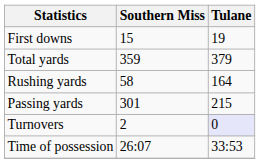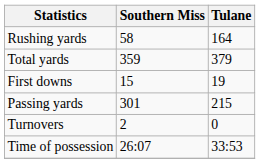 <table class="wikitable" style="float: left;">
 <tr>
 <th>Statistics</th>
 <th>Southern Miss</th>
 <th>Tulane</th>
 </tr>
 <tr>
-<td>First downs</td>
-<td>15</td>
-<td>19</td>
+<td>Rushing yards</td>
+<td>58</td>
+<td>164</td>
 </tr>
 <tr>
 <td>Total yards</td>
 <td>359</td>
 <td>379</td>
 </tr>
 <tr>
-<td>Rushing yards</td>
-<td>58</td>
-<td>164</td>
+<td>First downs</td>
+<td>15</td>
+<td>19</td>
 </tr>
 <tr>
 <td>Passing yards</td>
 <td>301</td>
 <td>215</td>
 </tr>
 <tr>
 <td>Turnovers</td>
 <td>2</td>
-<td style="background: lavender;">0</td>
+<td>0</td>
 </tr>
 <tr>
 <td>Time of possession</td>
 <td>26:07</td>
 <td>33:53</td>
 </tr>
 <tr>
 </tr>
 </table>
